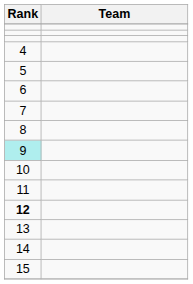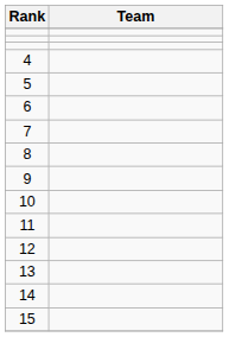 <table class="wikitable" style="text-align:center;">
 <tr>
 <th width=40>Rank</th>
 <th width=180>Team</th>
 </tr>
 <tr>
 </tr>
 <tr>
 <td></td>
 <td style="text-align:left;"></td>
 </tr>
 <tr>
 <td></td>
 <td style="text-align:left;"></td>
 </tr>
 <tr>
 <td></td>
 <td style="text-align:left;"></td>
 </tr>
 <tr>
 <td>4</td>
 <td style="text-align:left;"></td>
 </tr>
 <tr>
 <td>5</td>
 <td style="text-align:left;"></td>
 </tr>
 <tr>
 <td>6</td>
 <td style="text-align:left;"></td>
 </tr>
 <tr>
 <td>7</td>
 <td style="text-align:left;"></td>
 </tr>
 <tr>
 <td>8</td>
 <td style="text-align:left;"></td>
 </tr>
 <tr>
-<td style="background: paleturquoise;">9</td>
+<td>9</td>
 <td style="text-align:left;"></td>
 </tr>
 <tr>
 <td>10</td>
 <td style="text-align:left;"></td>
 </tr>
 <tr>
 <td>11</td>
 <td style="text-align:left;"></td>
 </tr>
 <tr>
-<td><strong>12</strong></td>
+<td>12</td>
 <td style="text-align:left;"></td>
 </tr>
 <tr>
 <td>13</td>
 <td style="text-align:left;"></td>
 </tr>
 <tr>
 <td>14</td>
 <td style="text-align:left;"></td>
 </tr>
 <tr>
 <td>15</td>
 <td style="text-align:left;"></td>
 </tr>
 <tr>
 </tr>
 </table>
